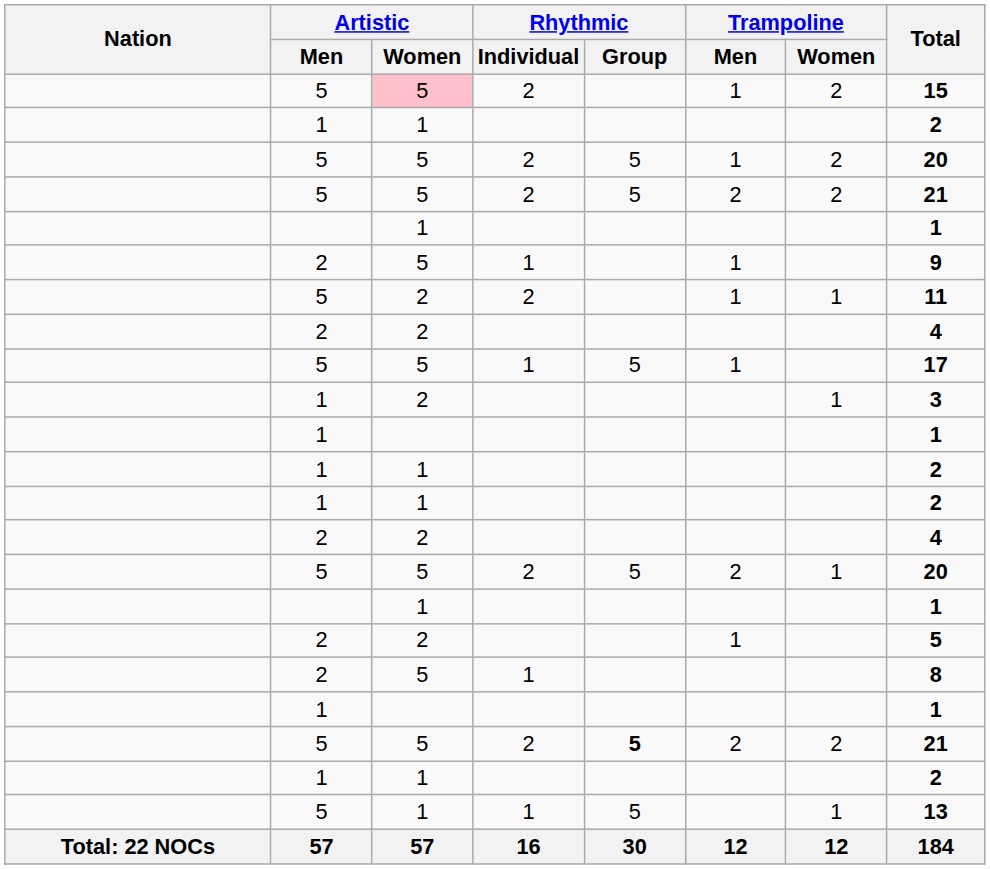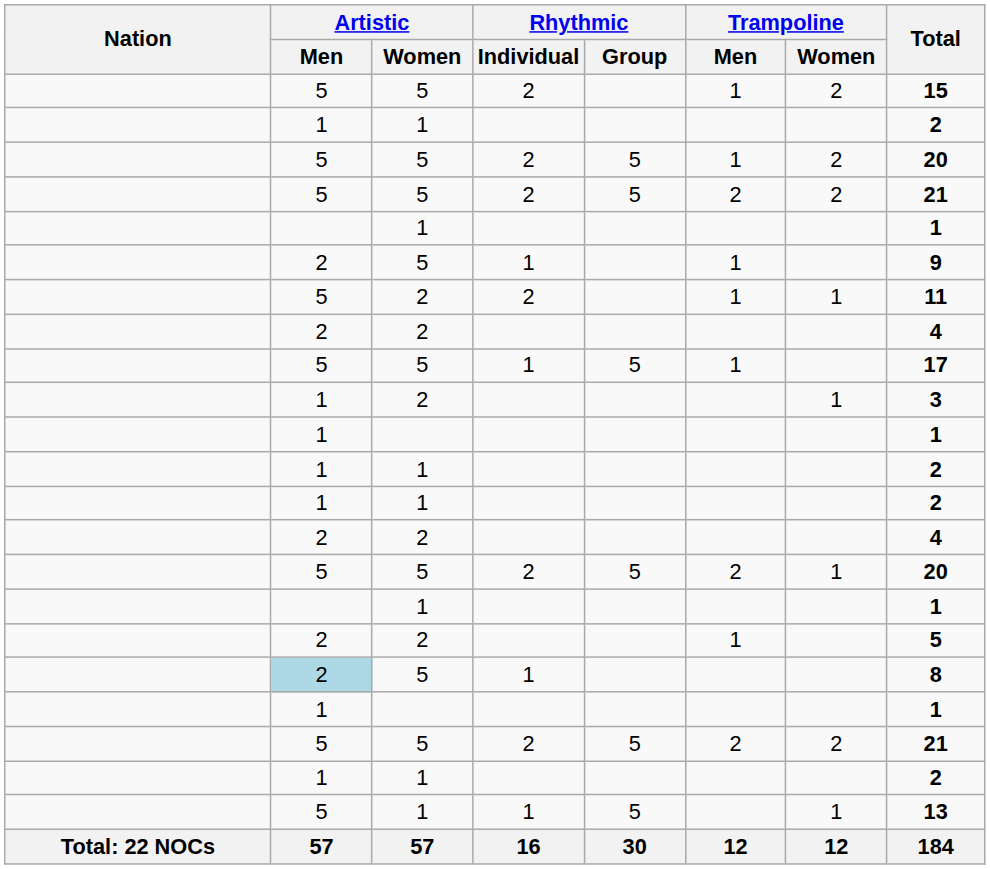 <table class="wikitable" width=650 style="text-align:center; font-size:90%">
 <tr>
 <th rowspan="2" align="left">Nation</th>
 <th colspan="2"><a href='#'>Artistic</a></th>
 <th colspan="2"><a href='#'>Rhythmic</a></th>
 <th colspan=2><a href='#'>Trampoline</a></th>
 <th rowspan="2">Total</th>
 </tr>
 <tr>
 <th width=60>Men</th>
 <th width=60>Women</th>
 <th width=60>Individual</th>
 <th width=60>Group</th>
 <th width=60>Men</th>
 <th width=60>Women</th>
 </tr>
 <tr>
 <td align=left></td>
 <td>5</td>
-<td style="background: pink;">5</td>
+<td>5</td>
 <td>2</td>
 <td></td>
 <td>1</td>
 <td>2</td>
 <td><strong>15</strong></td>
 </tr>
 <tr>
 <td align=left></td>
 <td>1</td>
 <td>1</td>
 <td></td>
 <td></td>
 <td></td>
 <td></td>
 <td><strong>2</strong></td>
 </tr>
 <tr>
 <td align=left></td>
 <td>5</td>
 <td>5</td>
 <td>2</td>
 <td>5</td>
 <td>1</td>
 <td>2</td>
 <td><strong>20</strong></td>
 </tr>
 <tr>
 <td align=left></td>
 <td>5</td>
 <td>5</td>
 <td>2</td>
 <td>5</td>
 <td>2</td>
 <td>2</td>
 <td><strong>21</strong></td>
 </tr>
 <tr>
 <td align=left></td>
 <td></td>
 <td>1</td>
 <td></td>
 <td></td>
 <td></td>
 <td></td>
 <td><strong>1</strong></td>
 </tr>
 <tr>
 <td align=left></td>
 <td>2</td>
 <td>5</td>
 <td>1</td>
 <td></td>
 <td>1</td>
 <td></td>
 <td><strong>9</strong></td>
 </tr>
 <tr>
 <td align=left></td>
 <td>5</td>
 <td>2</td>
 <td>2</td>
 <td></td>
 <td>1</td>
 <td>1</td>
 <td><strong>11</strong></td>
 </tr>
 <tr>
 <td align=left></td>
 <td>2</td>
 <td>2</td>
 <td></td>
 <td></td>
 <td></td>
 <td></td>
 <td><strong>4</strong></td>
 </tr>
 <tr>
 <td align=left></td>
 <td>5</td>
 <td>5</td>
 <td>1</td>
 <td>5</td>
 <td>1</td>
 <td></td>
 <td><strong>17</strong></td>
 </tr>
 <tr>
 <td align=left></td>
 <td>1</td>
 <td>2</td>
 <td></td>
 <td></td>
 <td></td>
 <td>1</td>
 <td><strong>3</strong></td>
 </tr>
 <tr>
 <td align=left></td>
 <td>1</td>
 <td></td>
 <td></td>
 <td></td>
 <td></td>
 <td></td>
 <td><strong>1</strong></td>
 </tr>
 <tr>
 <td align=left></td>
 <td>1</td>
 <td>1</td>
 <td></td>
 <td></td>
 <td></td>
 <td></td>
 <td><strong>2</strong></td>
 </tr>
 <tr>
 <td align=left></td>
 <td>1</td>
 <td>1</td>
 <td></td>
 <td></td>
 <td></td>
 <td></td>
 <td><strong>2</strong></td>
 </tr>
 <tr>
 <td align=left></td>
 <td>2</td>
 <td>2</td>
 <td></td>
 <td></td>
 <td></td>
 <td></td>
 <td><strong>4</strong></td>
 </tr>
 <tr>
 <td align=left></td>
 <td>5</td>
 <td>5</td>
 <td>2</td>
 <td>5</td>
 <td>2</td>
 <td>1</td>
 <td><strong>20</strong></td>
 </tr>
 <tr>
 <td align=left></td>
 <td></td>
 <td>1</td>
 <td></td>
 <td></td>
 <td></td>
 <td></td>
 <td><strong>1</strong></td>
 </tr>
 <tr>
 <td align=left></td>
 <td>2</td>
 <td>2</td>
 <td></td>
 <td></td>
 <td>1</td>
 <td></td>
 <td><strong>5</strong></td>
 </tr>
 <tr>
 <td align=left></td>
-<td>2</td>
+<td style="background: lightblue;">2</td>
 <td>5</td>
 <td>1</td>
 <td></td>
 <td></td>
 <td></td>
 <td><strong>8</strong></td>
 </tr>
 <tr>
 <td align=left></td>
 <td>1</td>
 <td></td>
 <td></td>
 <td></td>
 <td></td>
 <td></td>
 <td><strong>1</strong></td>
 </tr>
 <tr>
 <td align=left></td>
 <td>5</td>
 <td>5</td>
 <td>2</td>
-<td><strong>5</strong></td>
+<td>5</td>
 <td>2</td>
 <td>2</td>
 <td><strong>21</strong></td>
 </tr>
 <tr>
 <td align=left></td>
 <td>1</td>
 <td>1</td>
 <td></td>
 <td></td>
 <td></td>
 <td></td>
 <td><strong>2</strong></td>
 </tr>
 <tr>
 <td align=left></td>
 <td>5</td>
 <td>1</td>
 <td>1</td>
 <td>5</td>
 <td></td>
 <td>1</td>
 <td><strong>13</strong></td>
 </tr>
 <tr>
 <th>Total: 22 NOCs</th>
 <th>57</th>
 <th>57</th>
 <th>16</th>
 <th>30</th>
 <th>12</th>
 <th>12</th>
 <th>184</th>
 </tr>
 </table>
